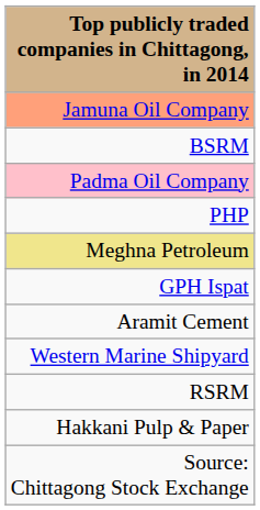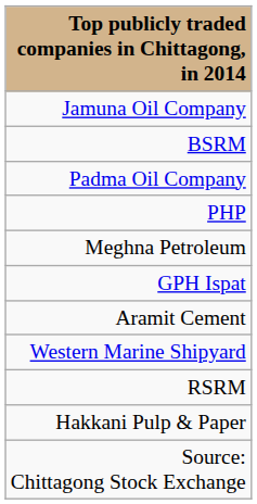 <table class="wikitable" style="float:right; font-size:90%; text-align:right">
 <tr>
 <td colspan="6" style="background:tan;"><strong>Top publicly traded<br> companies in Chittagong,</strong><br> <strong>in 2014</strong></td>
 </tr>
 <tr>
-<td style="background: lightsalmon;"><a href='#'>Jamuna Oil Company</a></td>
+<td><a href='#'>Jamuna Oil Company</a></td>
 </tr>
 <tr>
 <td><a href='#'>BSRM</a></td>
 </tr>
 <tr>
-<td style="background: pink;"><a href='#'>Padma Oil Company</a></td>
+<td><a href='#'>Padma Oil Company</a></td>
 </tr>
 <tr>
 <td><a href='#'>PHP</a></td>
 </tr>
 <tr>
-<td style="background: khaki;">Meghna Petroleum</td>
+<td>Meghna Petroleum</td>
 </tr>
 <tr>
 <td><a href='#'>GPH Ispat</a></td>
 </tr>
 <tr>
 <td>Aramit Cement</td>
 </tr>
 <tr>
 <td><a href='#'>Western Marine Shipyard</a></td>
 </tr>
 <tr>
 <td>RSRM</td>
 </tr>
 <tr>
 <td>Hakkani Pulp & Paper</td>
 </tr>
 <tr>
 <td colspan="5">Source:<br> Chittagong Stock Exchange</td>
 </tr>
 </table>
